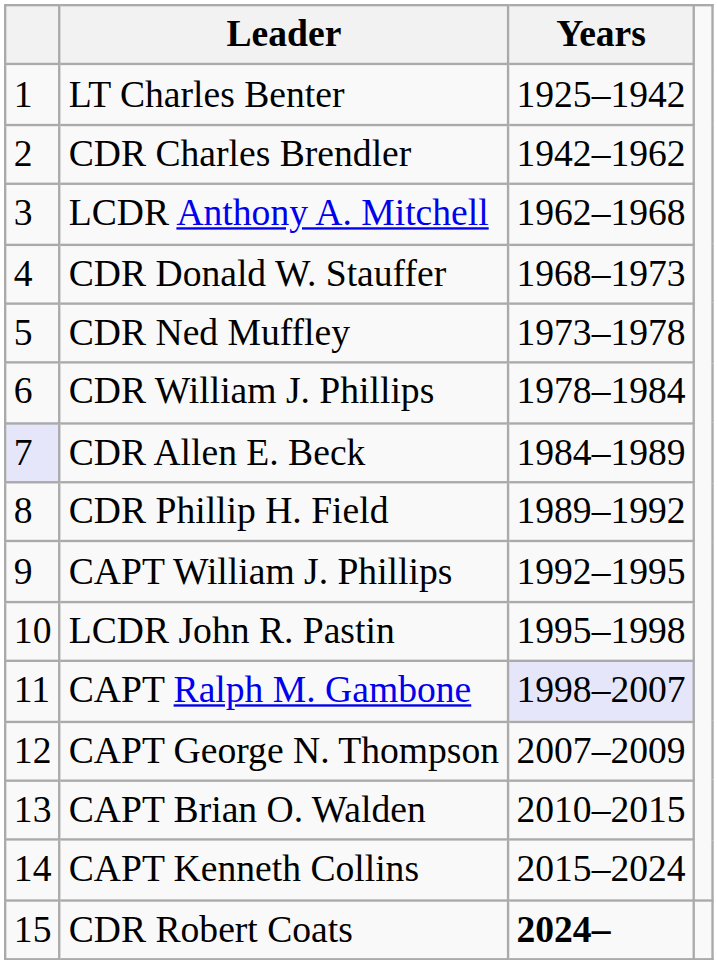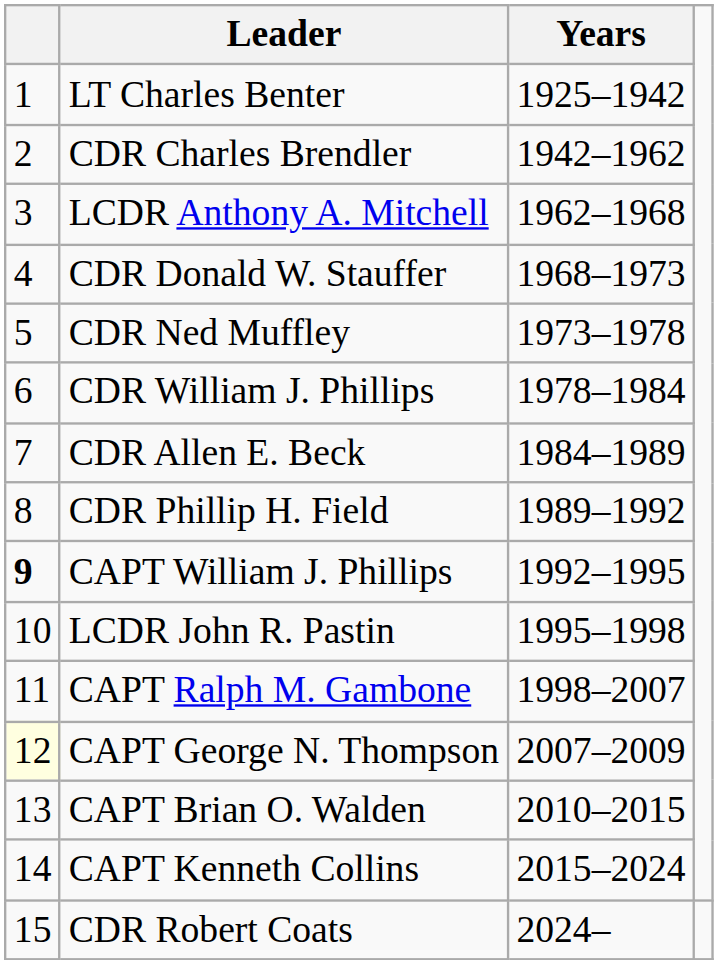 <table class="wikitable">
 <tr>
 <th></th>
 <th>Leader</th>
 <th>Years</th>
 </tr>
 <tr>
 <td>1</td>
 <td>LT Charles Benter</td>
 <td>1925–1942</td>
 </tr>
 <tr>
 <td>2</td>
 <td>CDR Charles Brendler</td>
 <td>1942–1962</td>
 </tr>
 <tr>
 <td>3</td>
 <td>LCDR <a href='#'>Anthony A. Mitchell</a></td>
 <td>1962–1968</td>
 </tr>
 <tr>
 <td>4</td>
 <td>CDR Donald W. Stauffer</td>
 <td>1968–1973</td>
 </tr>
 <tr>
 <td>5</td>
 <td>CDR Ned Muffley</td>
 <td>1973–1978</td>
 </tr>
 <tr>
 <td>6</td>
 <td>CDR William J. Phillips</td>
 <td>1978–1984</td>
 </tr>
 <tr>
-<td style="background: lavender;">7</td>
+<td>7</td>
 <td>CDR Allen E. Beck</td>
 <td>1984–1989</td>
 </tr>
 <tr>
 <td>8</td>
 <td>CDR Phillip H. Field</td>
 <td>1989–1992</td>
 </tr>
 <tr>
-<td>9</td>
+<td><strong>9</strong></td>
 <td>CAPT William J. Phillips</td>
 <td>1992–1995</td>
 </tr>
 <tr>
 <td>10</td>
 <td>LCDR John R. Pastin</td>
 <td>1995–1998</td>
 </tr>
 <tr>
 <td>11</td>
 <td>CAPT <a href='#'>Ralph M. Gambone</a></td>
-<td style="background: lavender;">1998–2007</td>
+<td>1998–2007</td>
 </tr>
 <tr>
-<td>12</td>
+<td style="background: lightyellow;">12</td>
 <td>CAPT George N. Thompson</td>
 <td>2007–2009</td>
 </tr>
 <tr>
 <td>13</td>
 <td>CAPT Brian O. Walden</td>
 <td>2010–2015</td>
 </tr>
 <tr>
 <td>14</td>
 <td>CAPT Kenneth Collins</td>
 <td>2015–2024</td>
 </tr>
 <tr>
 <td>15</td>
 <td>CDR Robert Coats</td>
-<td><strong>2024–</strong></td>
+<td>2024–</td>
 <td></td>
 </tr>
 </table>
